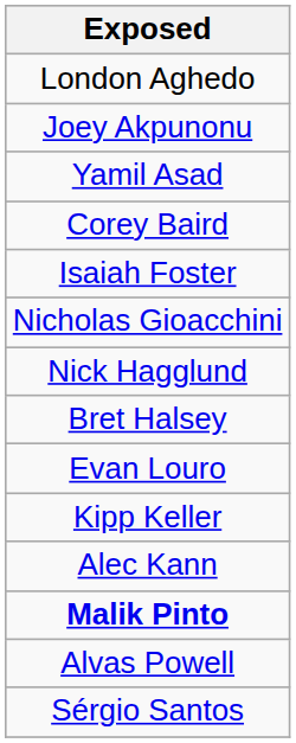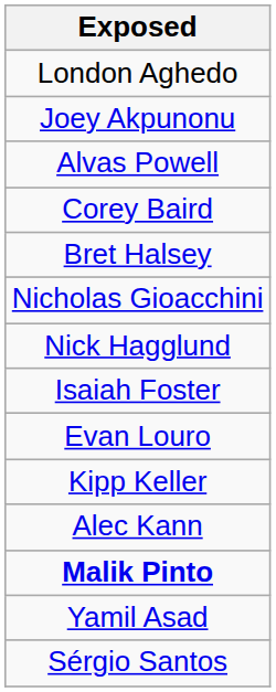 <table class="wikitable" style="text-align:center">
 <tr>
 <th>Exposed</th>
 </tr>
 <tr>
 <td>London Aghedo</td>
 </tr>
 <tr>
 <td><a href='#'>Joey Akpunonu</a></td>
 </tr>
 <tr>
-<td><a href='#'>Yamil Asad</a></td>
+<td><a href='#'>Alvas Powell</a></td>
 </tr>
 <tr>
 <td><a href='#'>Corey Baird</a></td>
 </tr>
 <tr>
-<td><a href='#'>Isaiah Foster</a></td>
+<td><a href='#'>Bret Halsey</a></td>
 </tr>
 <tr>
 <td><a href='#'>Nicholas Gioacchini</a></td>
 </tr>
 <tr>
 <td><a href='#'>Nick Hagglund</a></td>
 </tr>
 <tr>
-<td><a href='#'>Bret Halsey</a></td>
+<td><a href='#'>Isaiah Foster</a></td>
 </tr>
 <tr>
 <td><a href='#'>Evan Louro</a></td>
 </tr>
 <tr>
 <td><a href='#'>Kipp Keller</a></td>
 </tr>
 <tr>
 <td><a href='#'>Alec Kann</a></td>
 </tr>
 <tr>
 <td><strong><a href='#'>Malik Pinto</a></strong></td>
 </tr>
 <tr>
-<td><a href='#'>Alvas Powell</a></td>
+<td><a href='#'>Yamil Asad</a></td>
 </tr>
 <tr>
 <td><a href='#'>Sérgio Santos</a></td>
 </tr>
 </table>
